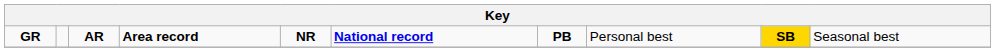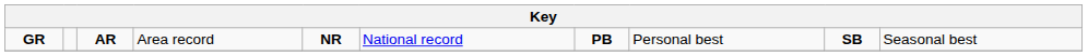 <table class="wikitable"  style="font-size:95%;position:relative;" width=70%>
 <tr>
 <th colspan=10>Key</th>
 </tr>
 <tr>
 <td align=center><strong>GR</strong></td>
 <td></td>
 <td align=center><strong>AR</strong></td>
-<td><strong>Area record</strong></td>
+<td>Area record</td>
 <td align=center><strong>NR</strong></td>
-<td><strong><a href='#'>National record</a></strong></td>
+<td><a href='#'>National record</a></td>
 <td align=center><strong>PB</strong></td>
 <td>Personal best</td>
-<td align=center style="background: gold;"><strong>SB</strong></td>
+<td align=center><strong>SB</strong></td>
 <td>Seasonal best</td>
 </tr>
 <tr>
 </tr>
 </table>
